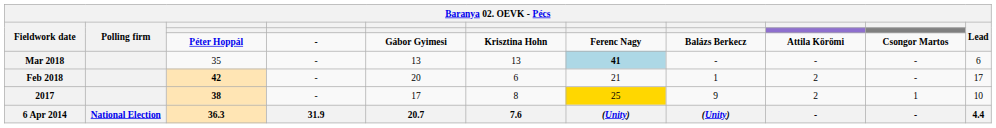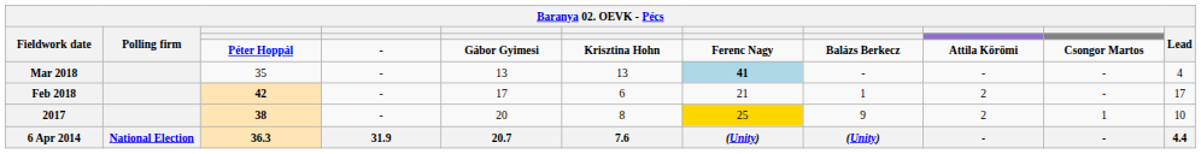 <table class="wikitable mw-collapsible mw-collapsed" style="text-align:center">
 <tr>
 <th style="width: 980pt;" colspan="11"><small><a href='#'>Baranya</a> 02. OEVK -</small> <small><a href='#'>Pécs</a></small></th>
 </tr>
 <tr>
 <th style="width: 80pt;" rowspan="3"><small>Fieldwork</small> <small>date</small></th>
 <th style="width: 80pt;" rowspan="3"><strong><small>Polling</small> <small>firm</small></strong></th>
 <th style="width: 100pt;"><small></small></th>
 <th style="width: 100pt;"><small> </small></th>
 <th style="width: 100pt;"></th>
 <th style="width: 100pt;"></th>
 <th style="width: 100pt;"></th>
 <th style="width: 100pt;"></th>
 <th style="width: 100pt;"></th>
 <th style="width: 100pt;"></th>
 <th style="width: 20pt;" rowspan="3"><small>Lead</small></th>
 </tr>
 <tr>
 <th style="color:inherit;background:"></th>
 <th style="color:inherit;background:"></th>
 <th style="color:inherit;background:"></th>
 <th style="color:inherit;background:"></th>
 <th style="color:inherit;background:"></th>
 <th style="color:inherit;background:"></th>
 <th style="color:inherit;background:#8E6FCE;"></th>
 <th style="color:inherit;background:#808080;"></th>
 </tr>
 <tr>
 <td><strong><a href='#'><small>Péter Hoppál</small></a></strong></td>
 <td><strong><small>-</small></strong></td>
 <td><strong><small>Gábor Gyimesi</small></strong></td>
 <td><strong><small>Krisztina Hohn</small></strong></td>
 <td><strong><small>Ferenc Nagy</small></strong></td>
 <td><strong><small>Balázs Berkecz</small></strong></td>
 <td><strong><small>Attila Körömi</small></strong></td>
 <td><strong><small>Csongor Martos</small></strong></td>
 </tr>
 <tr>
 <th><small>Mar 2018</small></th>
 <th><small></small></th>
 <td><small>35</small></td>
 <td><small>-</small></td>
 <td><small>13</small></td>
 <td><small>13</small></td>
 <td style="background:#ADD8E6"><strong><small>41</small></strong></td>
 <td><small>-</small></td>
 <td><small>-</small></td>
 <td><small>-</small></td>
-<td style="background:"><small>6</small></td>
+<td style="background:"><small>4</small></td>
 </tr>
 <tr>
 <th><small>Feb 2018</small></th>
 <th> </th>
 <td style="background:#FFE5B4"><strong><small>42</small></strong></td>
 <td><small>-</small></td>
-<td><small>20</small></td>
+<td><small>17</small></td>
 <td><small>6</small></td>
 <td><small>21</small></td>
 <td><small>1</small></td>
 <td><small>2</small></td>
 <td><small>-</small></td>
 <td style="background:"><small>17</small></td>
 </tr>
 <tr>
 <th><small>2017</small></th>
 <th><small></small></th>
 <td style="background:#FFE5B4"><small><strong>38</strong></small></td>
 <td><small>-</small></td>
-<td><small>17</small></td>
+<td><small>20</small></td>
 <td><small>8</small></td>
 <td style="background: gold;"><small>25</small></td>
 <td><small>9</small></td>
 <td><small>2</small></td>
 <td><small>1</small></td>
 <td style="background:"><small>10</small></td>
 </tr>
 <tr>
 <th><small>6 Apr 2014</small></th>
 <th><a href='#'><small>National Election</small></a></th>
 <th style="background:#FFE5B4"><small>36.3</small></th>
 <th><small>31.9</small></th>
 <th><small>20.7</small></th>
 <th><small>7.6</small></th>
 <th><small><em>(<a href='#'>Unity</a>)</em></small></th>
 <th><small><em>(<a href='#'>Unity</a>)</em></small></th>
 <th><small>-</small></th>
 <th><small>-</small></th>
 <th style="background:"><small>4.4</small></th>
 </tr>
 </table>
